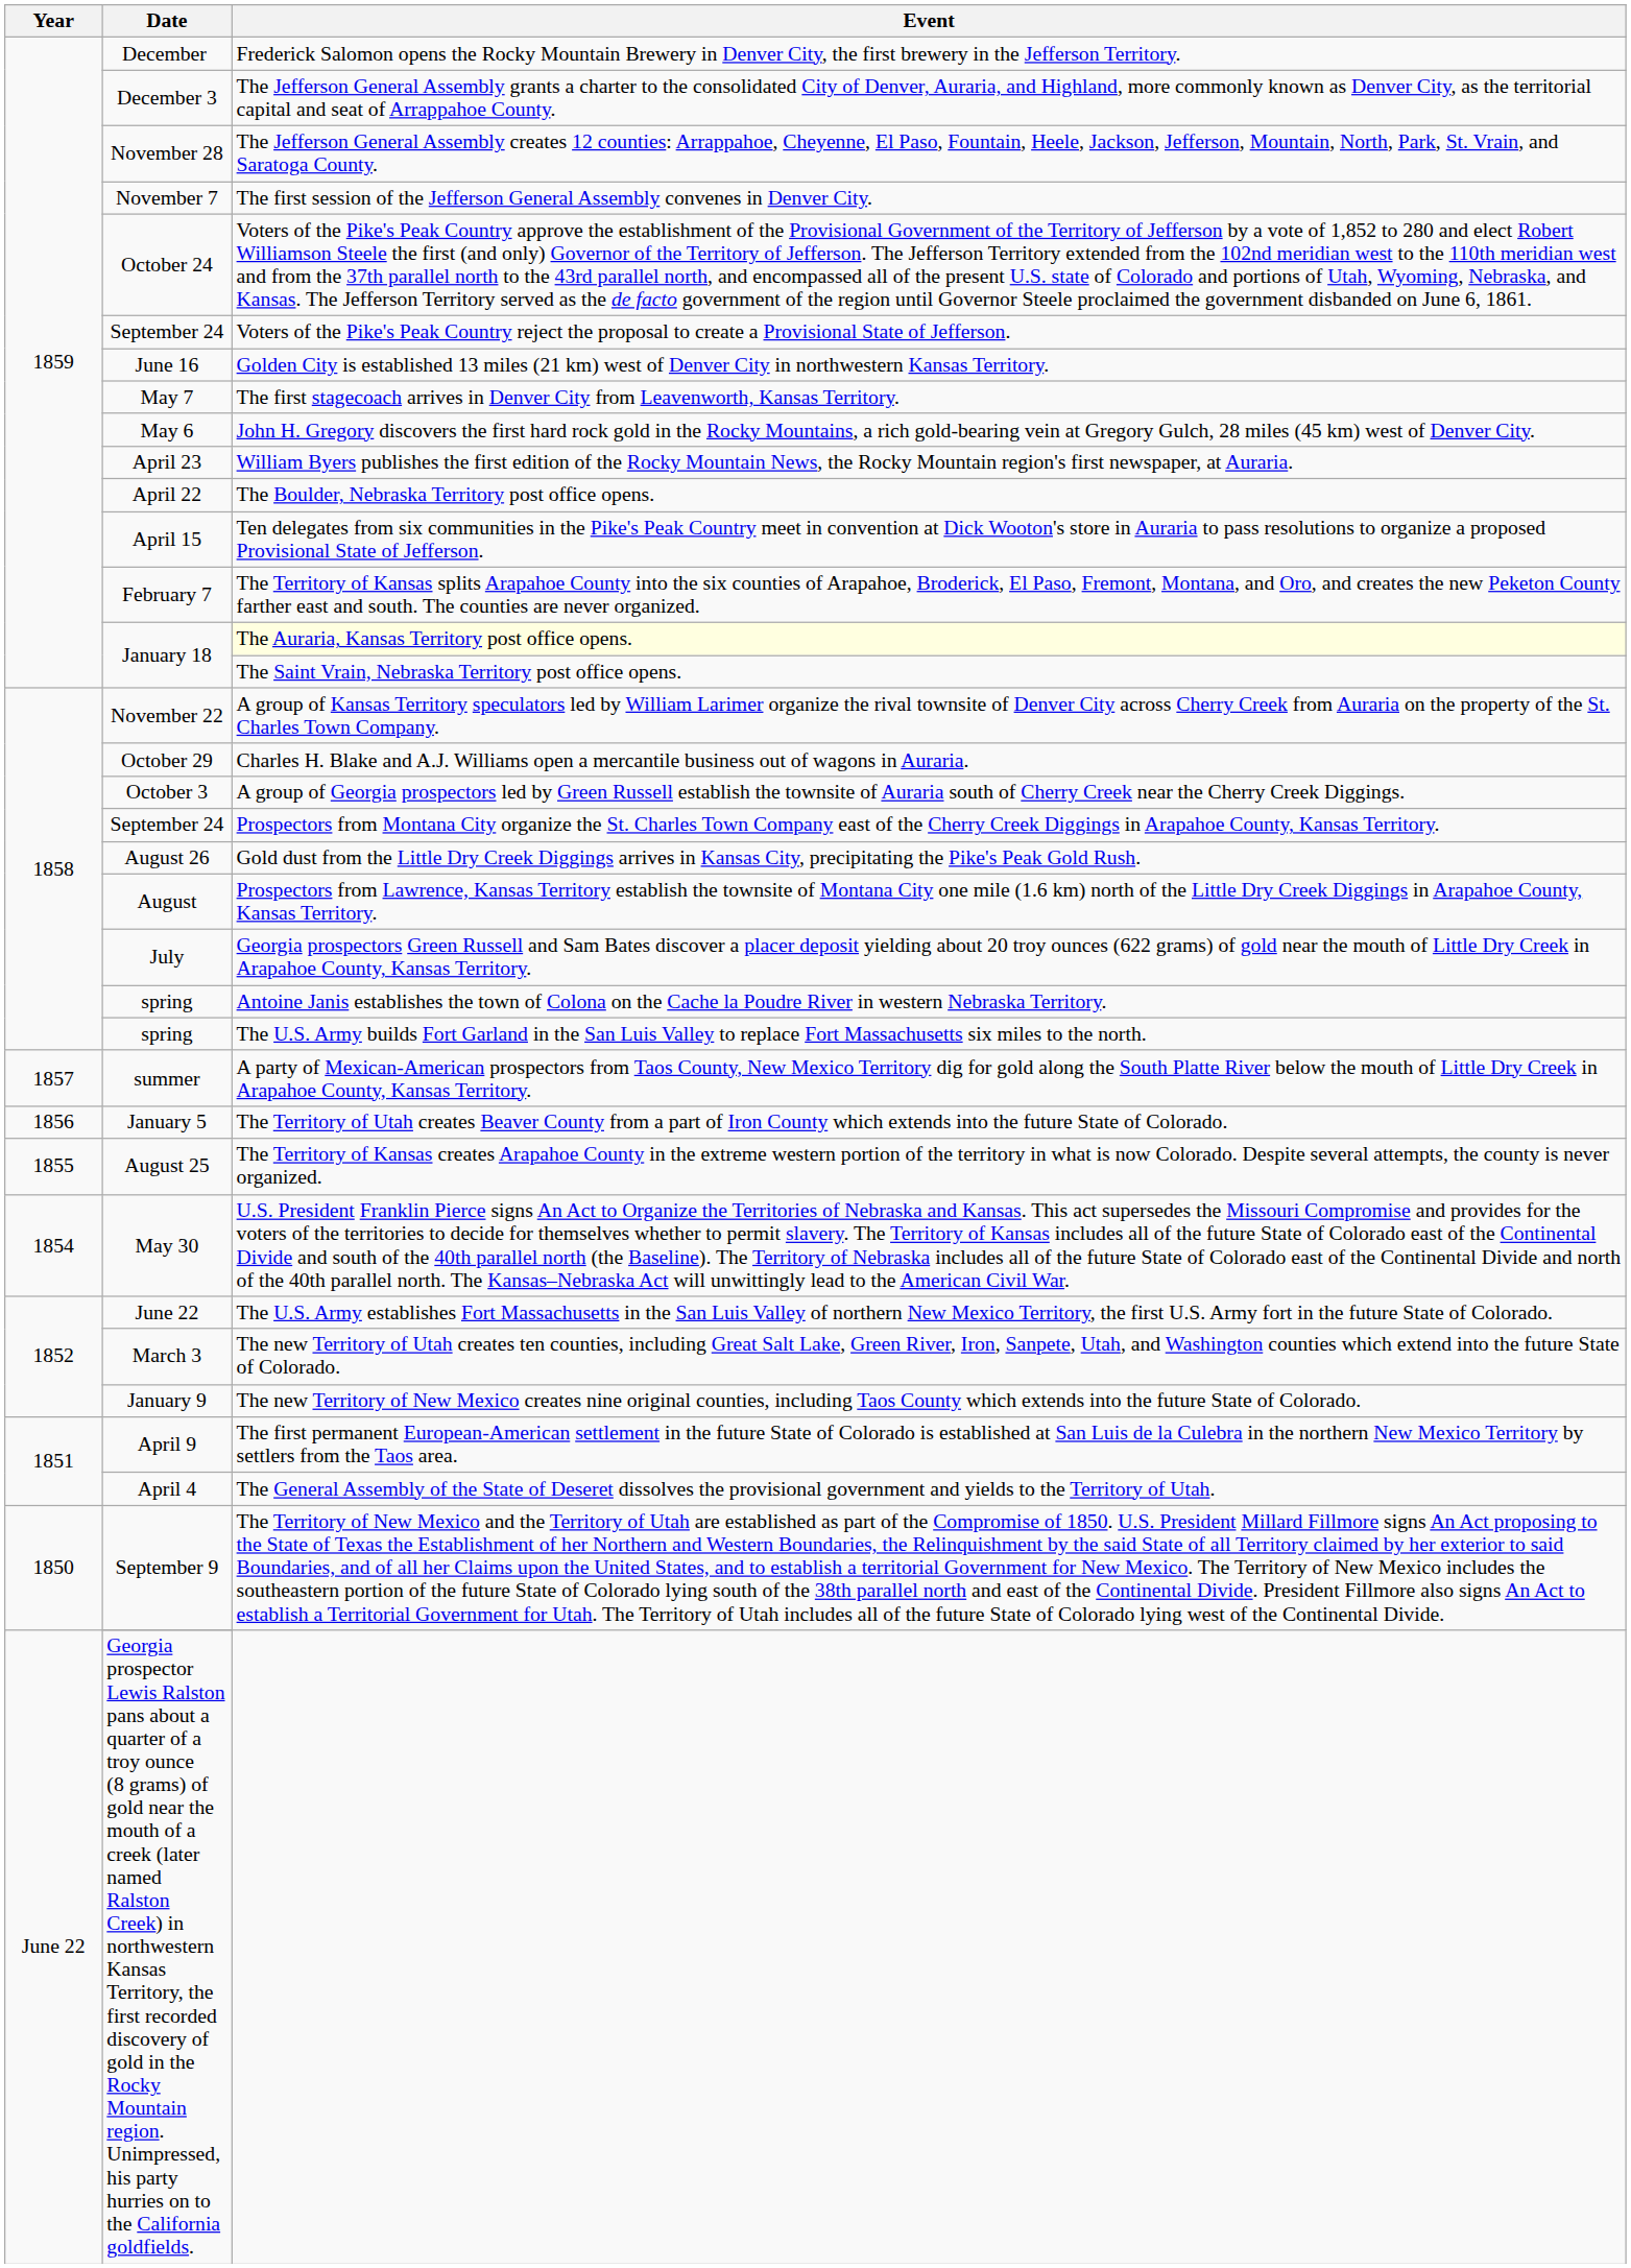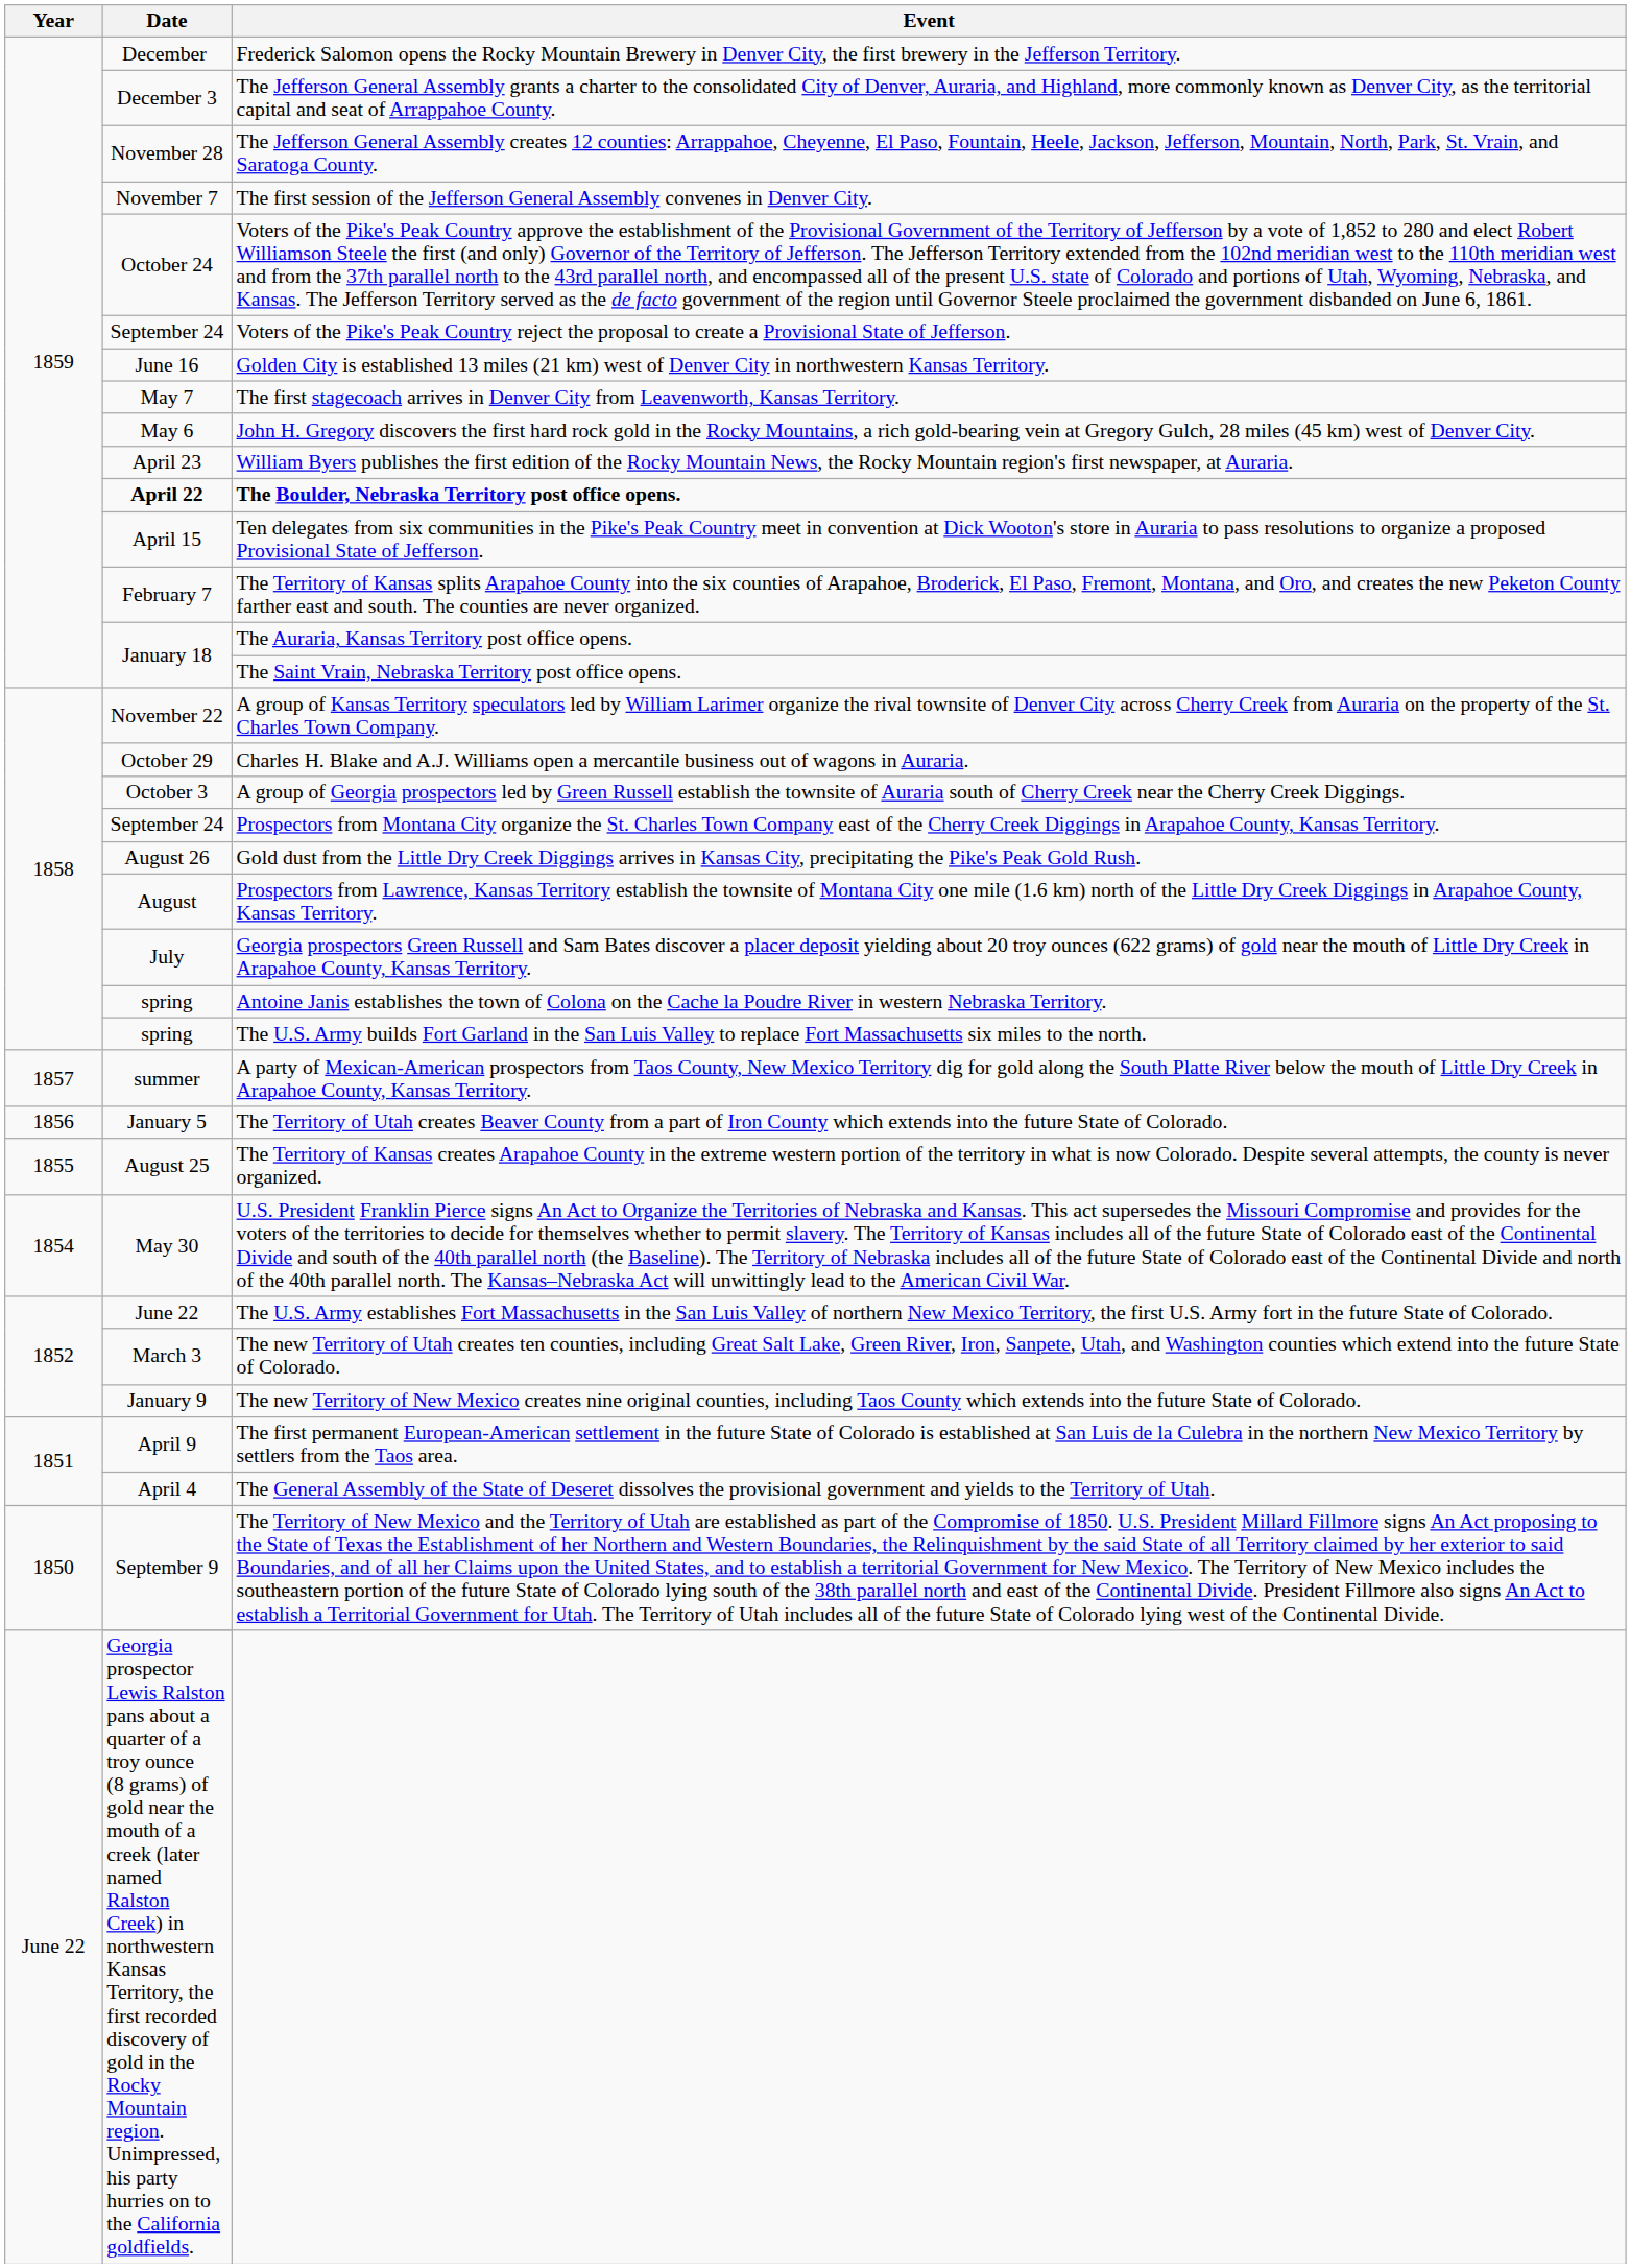 <table class="wikitable" style="width:100%;">
 <tr>
 <th style="width:6%">Year</th>
 <th style="width:8%">Date</th>
 <th style="width:86%">Event</th>
 </tr>
 <tr>
 <td align=center rowspan=15>1859</td>
 <td align=center>December </td>
 <td>Frederick Salomon opens the Rocky Mountain Brewery in <a href='#'>Denver City</a>, the first brewery in the <a href='#'>Jefferson Territory</a>.</td>
 </tr>
 <tr>
 <td align=center>December 3</td>
 <td>The <a href='#'>Jefferson General Assembly</a> grants a charter to the consolidated <a href='#'>City of Denver, Auraria, and Highland</a>, more commonly known as <a href='#'>Denver City</a>, as the territorial capital and seat of <a href='#'>Arrappahoe County</a>.</td>
 </tr>
 <tr>
 <td align=center>November 28</td>
 <td>The <a href='#'>Jefferson General Assembly</a> creates <a href='#'>12 counties</a>: <a href='#'>Arrappahoe</a>, <a href='#'>Cheyenne</a>, <a href='#'>El Paso</a>, <a href='#'>Fountain</a>, <a href='#'>Heele</a>, <a href='#'>Jackson</a>, <a href='#'>Jefferson</a>, <a href='#'>Mountain</a>, <a href='#'>North</a>, <a href='#'>Park</a>, <a href='#'>St. Vrain</a>, and <a href='#'>Saratoga County</a>.</td>
 </tr>
 <tr>
 <td align=center>November 7</td>
 <td>The first session of the <a href='#'>Jefferson General Assembly</a> convenes in <a href='#'>Denver City</a>.</td>
 </tr>
 <tr>
 <td align=center>October 24</td>
 <td>Voters of the <a href='#'>Pike's Peak Country</a> approve the establishment of the <a href='#'>Provisional Government of the Territory of Jefferson</a> by a vote of 1,852 to 280 and elect <a href='#'>Robert Williamson Steele</a> the first (and only) <a href='#'>Governor of the Territory of Jefferson</a>. The Jefferson Territory extended from the <a href='#'>102nd meridian west</a> to the <a href='#'>110th meridian west</a> and from the <a href='#'>37th parallel north</a> to the <a href='#'>43rd parallel north</a>, and encompassed all of the present <a href='#'>U.S. state</a> of <a href='#'>Colorado</a> and portions of <a href='#'>Utah</a>, <a href='#'>Wyoming</a>, <a href='#'>Nebraska</a>, and <a href='#'>Kansas</a>. The Jefferson Territory served as the <em><a href='#'>de facto</a></em> government of the region until Governor Steele proclaimed the government disbanded on June 6, 1861.</td>
 </tr>
 <tr>
 <td align=center>September 24</td>
 <td>Voters of the <a href='#'>Pike's Peak Country</a> reject the proposal to create a <a href='#'>Provisional State of Jefferson</a>.</td>
 </tr>
 <tr>
 <td align=center>June 16</td>
 <td><a href='#'>Golden City</a> is established 13 miles (21 km) west of <a href='#'>Denver City</a> in northwestern <a href='#'>Kansas Territory</a>.</td>
 </tr>
 <tr>
 <td align=center>May 7</td>
 <td>The first <a href='#'>stagecoach</a> arrives in <a href='#'>Denver City</a> from <a href='#'>Leavenworth, Kansas Territory</a>.</td>
 </tr>
 <tr>
 <td align=center>May 6</td>
 <td><a href='#'>John H. Gregory</a> discovers the first hard rock gold in the <a href='#'>Rocky Mountains</a>, a rich gold-bearing vein at Gregory Gulch, 28 miles (45 km) west of <a href='#'>Denver City</a>.</td>
 </tr>
 <tr>
 <td align=center>April 23</td>
 <td><a href='#'>William Byers</a> publishes the first edition of the <a href='#'>Rocky Mountain News</a>, the Rocky Mountain region's first newspaper, at <a href='#'>Auraria</a>.</td>
 </tr>
 <tr>
-<td align=center>April 22</td>
-<td>The <a href='#'>Boulder, Nebraska Territory</a> post office opens.</td>
+<td align=center><strong>April 22</strong></td>
+<td><strong>The <a href='#'>Boulder, Nebraska Territory</a> post office opens.</strong></td>
 </tr>
 <tr>
 <td align=center>April 15</td>
 <td>Ten delegates from six communities in the <a href='#'>Pike's Peak Country</a> meet in convention at <a href='#'>Dick Wooton</a>'s store in <a href='#'>Auraria</a> to pass resolutions to organize a proposed <a href='#'>Provisional State of Jefferson</a>.</td>
 </tr>
 <tr>
 <td align=center>February 7</td>
 <td>The <a href='#'>Territory of Kansas</a> splits <a href='#'>Arapahoe County</a> into the six counties of Arapahoe,  <a href='#'>Broderick</a>,  <a href='#'>El Paso</a>,  <a href='#'>Fremont</a>,  <a href='#'>Montana</a>,  and <a href='#'>Oro</a>, and creates the new <a href='#'>Peketon County</a> farther east and south. The counties are never organized.</td>
 </tr>
 <tr>
 <td align=center rowspan=2>January 18</td>
-<td style="background: lightyellow;">The <a href='#'>Auraria, Kansas Territory</a> post office opens.</td>
+<td>The <a href='#'>Auraria, Kansas Territory</a> post office opens.</td>
 </tr>
 <tr>
 <td>The <a href='#'>Saint Vrain, Nebraska Territory</a> post office opens.</td>
 </tr>
 <tr>
 <td align=center rowspan=9>1858</td>
 <td align=center>November 22</td>
 <td>A group of <a href='#'>Kansas Territory</a> <a href='#'>speculators</a> led by <a href='#'>William Larimer</a> organize the rival townsite of <a href='#'>Denver City</a> across <a href='#'>Cherry Creek</a> from <a href='#'>Auraria</a> on the property of the <a href='#'>St. Charles Town Company</a>.</td>
 </tr>
 <tr>
 <td align=center>October 29</td>
 <td>Charles H. Blake and A.J. Williams open a mercantile business out of wagons in <a href='#'>Auraria</a>.</td>
 </tr>
 <tr>
 <td align=center>October 3</td>
 <td>A group of <a href='#'>Georgia</a> <a href='#'>prospectors</a> led by <a href='#'>Green Russell</a> establish the townsite of <a href='#'>Auraria</a> south of <a href='#'>Cherry Creek</a> near the Cherry Creek Diggings.</td>
 </tr>
 <tr>
 <td align=center>September 24</td>
 <td><a href='#'>Prospectors</a> from <a href='#'>Montana City</a> organize the <a href='#'>St. Charles Town Company</a> east of the <a href='#'>Cherry Creek Diggings</a> in <a href='#'>Arapahoe County, Kansas Territory</a>.</td>
 </tr>
 <tr>
 <td align=center>August 26</td>
 <td>Gold dust from the <a href='#'>Little Dry Creek Diggings</a> arrives in <a href='#'>Kansas City</a>, precipitating the <a href='#'>Pike's Peak Gold Rush</a>.</td>
 </tr>
 <tr>
 <td align=center>August</td>
 <td><a href='#'>Prospectors</a> from <a href='#'>Lawrence, Kansas Territory</a> establish the townsite of <a href='#'>Montana City</a> one mile (1.6 km) north of the <a href='#'>Little Dry Creek Diggings</a> in <a href='#'>Arapahoe County, Kansas Territory</a>.</td>
 </tr>
 <tr>
 <td align=center>July</td>
 <td><a href='#'>Georgia</a> <a href='#'>prospectors</a> <a href='#'>Green Russell</a> and Sam Bates discover a <a href='#'>placer deposit</a> yielding about 20 troy ounces (622 grams) of <a href='#'>gold</a> near the mouth of <a href='#'>Little Dry Creek</a> in <a href='#'>Arapahoe County, Kansas Territory</a>.</td>
 </tr>
 <tr>
 <td align=center>spring</td>
 <td><a href='#'>Antoine Janis</a> establishes the town of <a href='#'>Colona</a> on the <a href='#'>Cache la Poudre River</a> in western <a href='#'>Nebraska Territory</a>.</td>
 </tr>
 <tr>
 <td align=center>spring</td>
 <td>The <a href='#'>U.S. Army</a> builds <a href='#'>Fort Garland</a> in the <a href='#'>San Luis Valley</a> to replace <a href='#'>Fort Massachusetts</a> six miles to the north.</td>
 </tr>
 <tr>
 <td align=center rowspan=1>1857</td>
 <td align=center>summer</td>
 <td>A party of <a href='#'>Mexican-American</a> prospectors from <a href='#'>Taos County, New Mexico Territory</a> dig for gold along the <a href='#'>South Platte River</a> below the mouth of <a href='#'>Little Dry Creek</a> in <a href='#'>Arapahoe County, Kansas Territory</a>.</td>
 </tr>
 <tr>
 <td align=center rowspan=1>1856</td>
 <td align=center>January 5</td>
 <td>The <a href='#'>Territory of Utah</a> creates <a href='#'>Beaver County</a> from a part of <a href='#'>Iron County</a> which extends into the future State of Colorado.</td>
 </tr>
 <tr>
 <td align=center rowspan=1>1855</td>
 <td align=center>August 25</td>
 <td>The <a href='#'>Territory of Kansas</a> creates <a href='#'>Arapahoe County</a> in the extreme western portion of the territory in what is now Colorado. Despite several attempts, the county is never organized.</td>
 </tr>
 <tr>
 <td align=center rowspan=1>1854</td>
 <td align=center>May 30</td>
 <td><a href='#'>U.S. President</a> <a href='#'>Franklin Pierce</a> signs <a href='#'>An Act to Organize the Territories of Nebraska and Kansas</a>. This act supersedes the <a href='#'>Missouri Compromise</a> and provides for the voters of the territories to decide for themselves whether to permit <a href='#'>slavery</a>. The <a href='#'>Territory of Kansas</a> includes all of the future State of Colorado east of the <a href='#'>Continental Divide</a> and south of the <a href='#'>40th parallel north</a> (the <a href='#'>Baseline</a>). The <a href='#'>Territory of Nebraska</a> includes all of the future State of Colorado east of the Continental Divide and north of the 40th parallel north. The <a href='#'>Kansas–Nebraska Act</a> will unwittingly lead to the <a href='#'>American Civil War</a>.</td>
 </tr>
 <tr>
 <td align=center rowspan=3>1852</td>
 <td align=center>June 22</td>
 <td>The <a href='#'>U.S. Army</a> establishes <a href='#'>Fort Massachusetts</a> in the <a href='#'>San Luis Valley</a> of northern <a href='#'>New Mexico Territory</a>, the first U.S. Army fort in the future State of Colorado.</td>
 </tr>
 <tr>
 <td align=center>March 3</td>
 <td>The new <a href='#'>Territory of Utah</a> creates ten counties, including <a href='#'>Great Salt Lake</a>, <a href='#'>Green River</a>, <a href='#'>Iron</a>, <a href='#'>Sanpete</a>, <a href='#'>Utah</a>, and <a href='#'>Washington</a> counties which extend into the future State of Colorado.</td>
 </tr>
 <tr>
 <td align=center>January 9</td>
 <td>The new <a href='#'>Territory of New Mexico</a> creates nine original counties, including <a href='#'>Taos County</a> which extends into the future State of Colorado.</td>
 </tr>
 <tr>
 <td align=center rowspan=2>1851</td>
 <td align=center>April 9</td>
 <td>The first permanent <a href='#'>European-American</a> <a href='#'>settlement</a> in the future State of Colorado is established at <a href='#'>San Luis de la Culebra</a> in the northern <a href='#'>New Mexico Territory</a> by settlers from the <a href='#'>Taos</a> area.</td>
 </tr>
 <tr>
 <td align=center>April 4</td>
 <td>The <a href='#'>General Assembly of the State of Deseret</a> dissolves the provisional government and yields to the <a href='#'>Territory of Utah</a>.</td>
 </tr>
 <tr>
 <td align=center rowspan=2>1850</td>
 <td align=center>September 9</td>
 <td>The <a href='#'>Territory of New Mexico</a> and the <a href='#'>Territory of Utah</a> are established as part of the <a href='#'>Compromise of 1850</a>. <a href='#'>U.S. President</a> <a href='#'>Millard Fillmore</a> signs <a href='#'>An Act proposing to the State of Texas the Establishment of her Northern and Western Boundaries, the Relinquishment by the said State of all Territory claimed by her exterior to said Boundaries, and of all her Claims upon the United States, and to establish a territorial Government for New Mexico</a>. The Territory of New Mexico includes the southeastern portion of the future State of Colorado lying south of the <a href='#'>38th parallel north</a> and east of the <a href='#'>Continental Divide</a>. President Fillmore also signs <a href='#'>An Act to establish a Territorial Government for Utah</a>. The Territory of Utah includes all of the future State of Colorado lying west of the Continental Divide.</td>
 </tr>
 <tr>
 </tr>
 <tr>
 <td align=center>June 22</td>
 <td><a href='#'>Georgia</a> prospector <a href='#'>Lewis Ralston</a> pans about a quarter of a troy ounce (8 grams) of gold near the mouth of a creek (later named <a href='#'>Ralston Creek</a>) in northwestern Kansas Territory, the first recorded discovery of gold in the <a href='#'>Rocky Mountain region</a>. Unimpressed, his party hurries on to the <a href='#'>California goldfields</a>.</td>
 </tr>
 </table>
